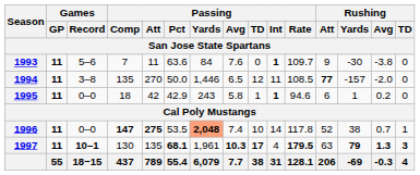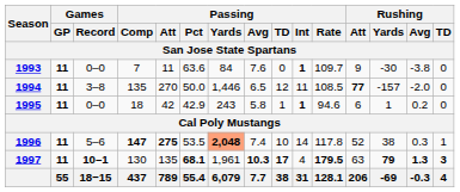 <table class="wikitable" style="text-align:center;">
 <tr>
 <th rowspan="2">Season</th>
 <th colspan="2">Games</th>
 <th colspan="8">Passing</th>
 <th colspan="4">Rushing</th>
 </tr>
 <tr>
 <th>GP</th>
 <th>Record</th>
 <th>Comp</th>
 <th>Att</th>
 <th>Pct</th>
 <th>Yards</th>
 <th>Avg</th>
 <th>TD</th>
 <th>Int</th>
 <th>Rate</th>
 <th>Att</th>
 <th>Yards</th>
 <th>Avg</th>
 <th>TD</th>
 </tr>
 <tr>
 <th colspan="16">San Jose State Spartans</th>
 </tr>
 <tr>
 <th><a href='#'>1993</a></th>
 <td><strong>11</strong></td>
-<td>5–6</td>
+<td>0–0</td>
 <td>7</td>
 <td>11</td>
 <td>63.6</td>
 <td>84</td>
 <td>7.6</td>
 <td>0</td>
 <td><strong>1</strong></td>
 <td>109.7</td>
 <td>9</td>
 <td>-30</td>
 <td>-3.8</td>
 <td>0</td>
 </tr>
 <tr>
 <th><a href='#'>1994</a></th>
 <td><strong>11</strong></td>
 <td>3–8</td>
 <td>135</td>
 <td>270</td>
 <td>50.0</td>
 <td>1,446</td>
 <td>6.5</td>
 <td>12</td>
 <td>11</td>
 <td>108.5</td>
 <td><strong>77</strong></td>
 <td>-157</td>
 <td>-2.0</td>
 <td>0</td>
 </tr>
 <tr>
 <th><a href='#'>1995</a></th>
 <td><strong>11</strong></td>
 <td>0–0</td>
 <td>18</td>
 <td>42</td>
 <td>42.9</td>
 <td>243</td>
 <td>5.8</td>
 <td>1</td>
 <td><strong>1</strong></td>
 <td>94.6</td>
 <td>6</td>
 <td>1</td>
 <td>0.2</td>
 <td>0</td>
 </tr>
 <tr>
 <th colspan="16">Cal Poly Mustangs</th>
 </tr>
 <tr>
 <th><a href='#'>1996</a></th>
 <td><strong>11</strong></td>
-<td>0–0</td>
+<td>5–6</td>
 <td><strong>147</strong></td>
 <td><strong>275</strong></td>
 <td>53.5</td>
 <td style="background: lightsalmon;"><strong>2,048</strong></td>
 <td>7.4</td>
 <td>10</td>
 <td>14</td>
 <td>117.8</td>
 <td>52</td>
 <td>38</td>
-<td>0.7</td>
+<td>0.3</td>
 <td>1</td>
 </tr>
 <tr>
 <th><a href='#'>1997</a></th>
 <td><strong>11</strong></td>
 <td><strong>10–1</strong></td>
 <td>130</td>
 <td>135</td>
 <td><strong>68.1</strong></td>
 <td>1,961</td>
 <td><strong>10.3</strong></td>
 <td><strong>17</strong></td>
 <td>4</td>
 <td><strong>179.5</strong></td>
 <td>63</td>
 <td><strong>79</strong></td>
 <td><strong>1.3</strong></td>
 <td><strong>3</strong></td>
 </tr>
 <tr>
 <th></th>
 <th>55</th>
 <th>18−15</th>
 <th>437</th>
 <th>789</th>
 <th>55.4</th>
 <th>6,079</th>
 <th>7.7</th>
 <th>38</th>
 <th>31</th>
 <th>128.1</th>
 <th>206</th>
 <th>-69</th>
 <th>-0.3</th>
 <th>4</th>
 </tr>
 </table>
